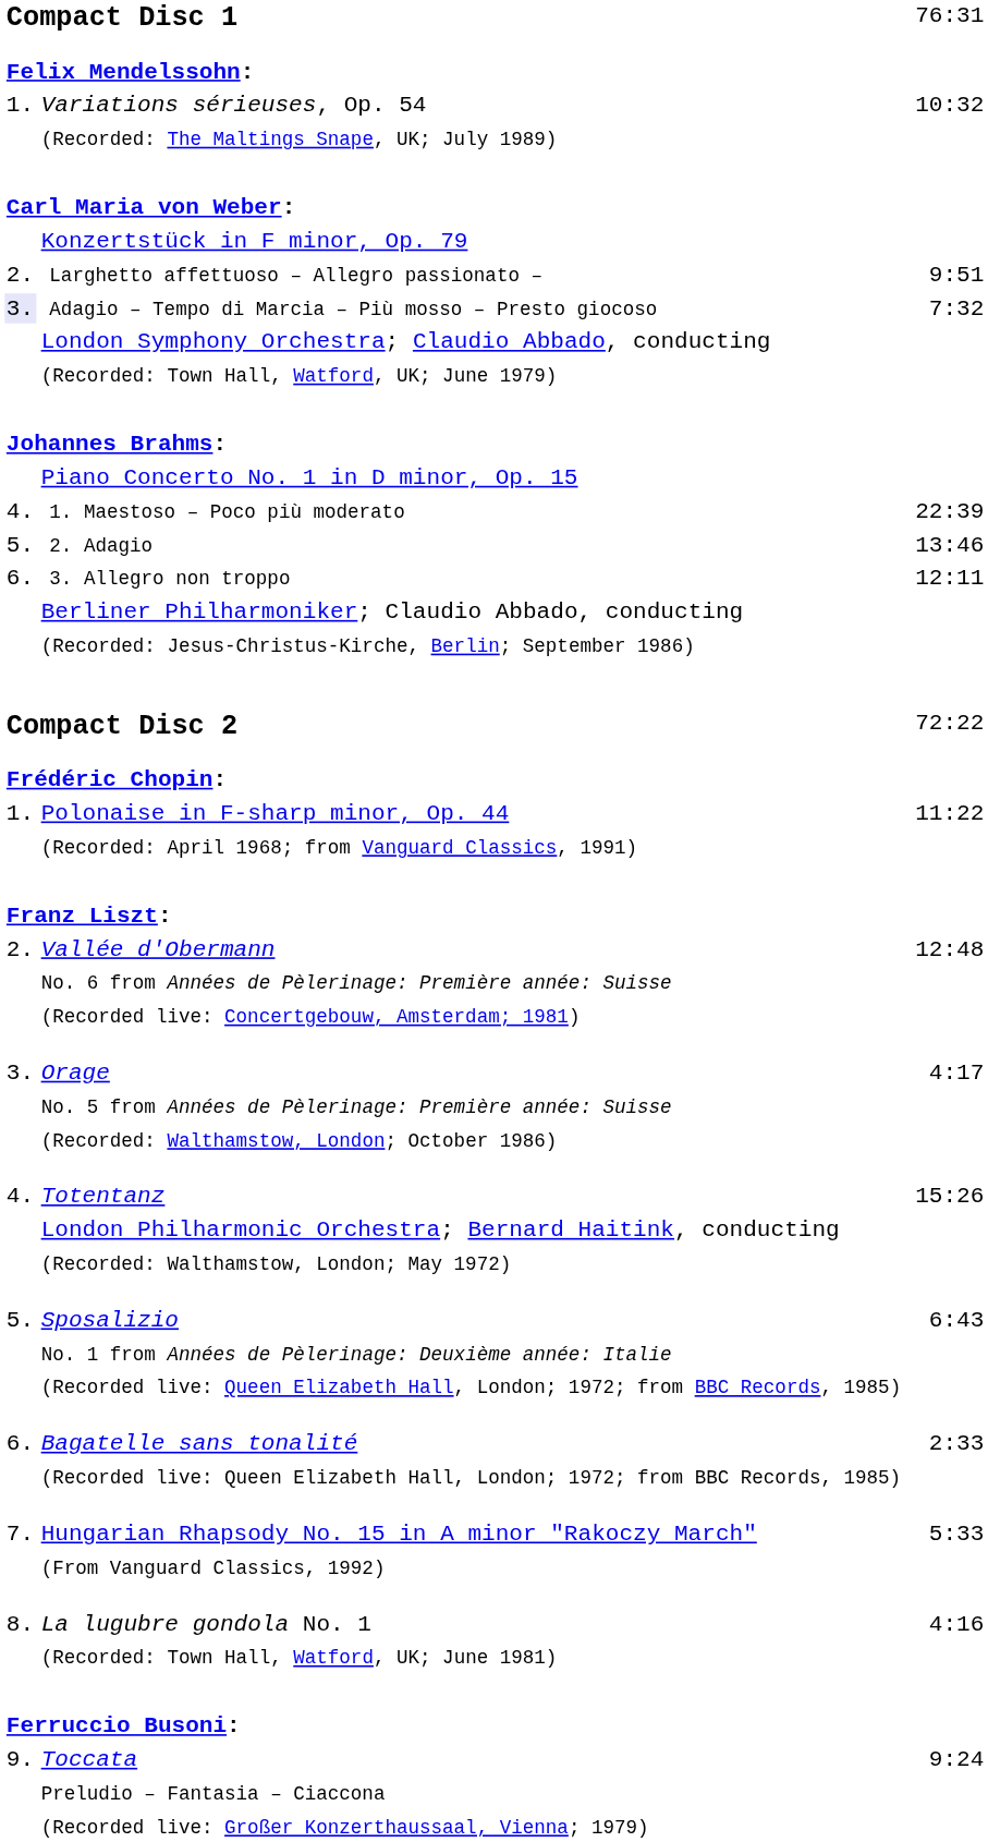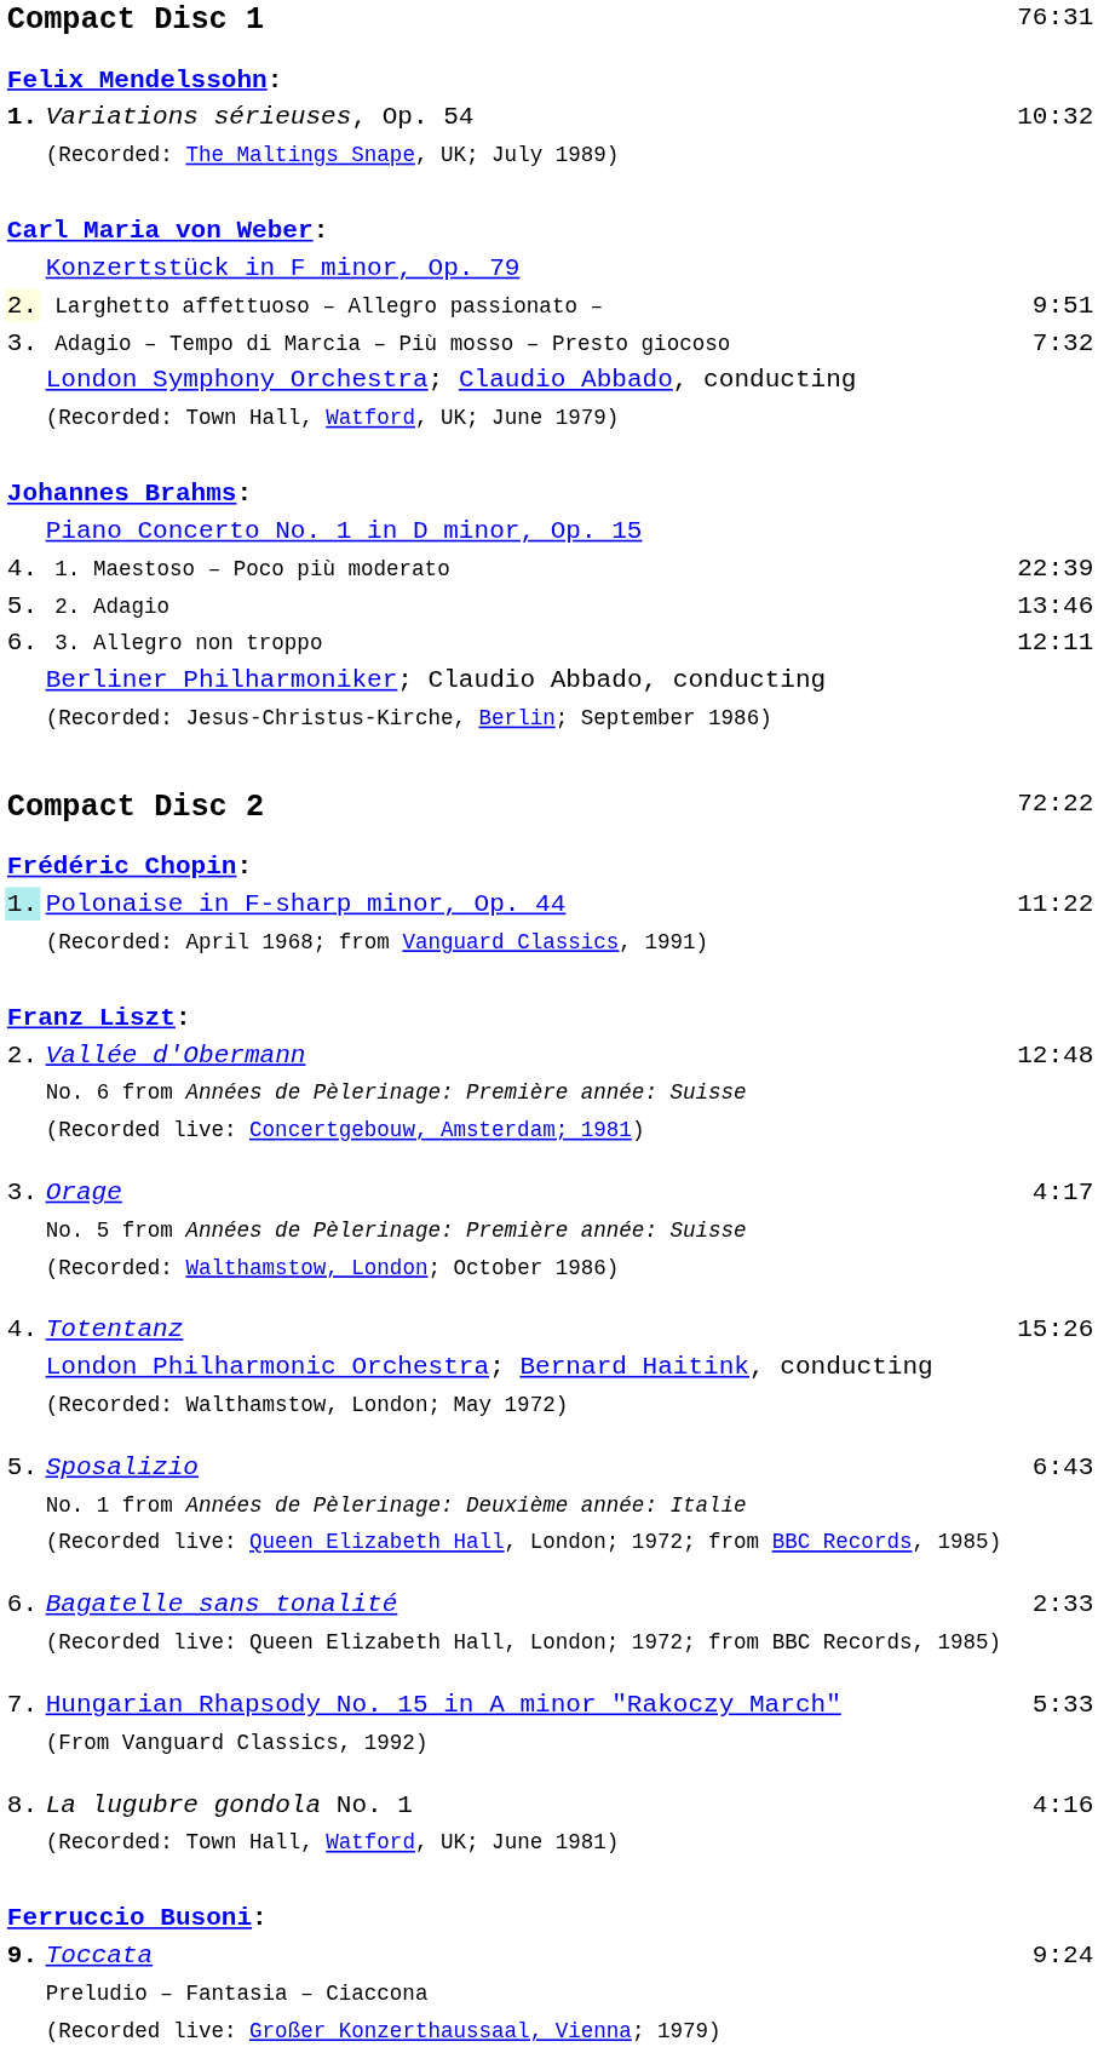 <table>
 <tr>
 <td style="height:28px" valign="top" colspan="3"><big><strong>Compact Disc 1</strong></big></td>
 <td></td>
 <td valign="top" align="right">76:31</td>
 </tr>
 <tr>
 <td colspan="3"><strong><a href='#'>Felix Mendelssohn</a>:</strong></td>
 </tr>
 <tr>
-<td align="right">1.</td>
+<td align="right"><strong>1.</strong></td>
 <td colspan="2"><em>Variations sérieuses</em>, Op. 54</td>
 <td></td>
 <td align="right">10:32</td>
 </tr>
 <tr>
 <td style="height:35px"></td>
 <td colspan="2" valign="top"><small>(Recorded: <a href='#'>The Maltings Snape</a>, UK; July 1989)</small></td>
 </tr>
 <tr>
 <td colspan="3"><strong><a href='#'>Carl Maria von Weber</a>:</strong></td>
 </tr>
 <tr>
 <td></td>
 <td colspan="2"><a href='#'>Konzertstück in F minor, Op. 79</a></td>
 </tr>
 <tr>
-<td align="right">2.</td>
+<td align="right" style="background: lightyellow;">2.</td>
 <td></td>
 <td><small>Larghetto affettuoso – Allegro passionato –</small></td>
 <td></td>
 <td align="right">9:51</td>
 </tr>
 <tr>
-<td align="right" style="background: lavender;">3.</td>
+<td align="right">3.</td>
 <td></td>
 <td><small>Adagio – Tempo di Marcia – Più mosso – Presto giocoso</small></td>
 <td></td>
 <td align="right">7:32</td>
 </tr>
 <tr>
 <td></td>
 <td colspan="2"><a href='#'>London Symphony Orchestra</a>; <a href='#'>Claudio Abbado</a>, conducting</td>
 </tr>
 <tr>
 <td style="height:35px"></td>
 <td colspan="2" valign="top"><small>(Recorded: Town Hall, <a href='#'>Watford</a>, UK; June 1979)</small></td>
 </tr>
 <tr>
 <td colspan="3"><strong><a href='#'>Johannes Brahms</a>:</strong></td>
 </tr>
 <tr>
 <td></td>
 <td colspan="2"><a href='#'>Piano Concerto No. 1 in D minor, Op. 15</a></td>
 </tr>
 <tr>
 <td align="right">4.</td>
 <td></td>
 <td><small>1. Maestoso – Poco più moderato</small></td>
 <td></td>
 <td align="right">22:39</td>
 </tr>
 <tr>
 <td align="right">5.</td>
 <td></td>
 <td><small>2. Adagio</small></td>
 <td></td>
 <td align="right">13:46</td>
 </tr>
 <tr>
 <td align="right">6.</td>
 <td></td>
 <td><small>3. Allegro non troppo</small></td>
 <td></td>
 <td align="right">12:11</td>
 </tr>
 <tr>
 <td></td>
 <td colspan="2"><a href='#'>Berliner Philharmoniker</a>; Claudio Abbado, conducting</td>
 </tr>
 <tr>
 <td style="height:40px"></td>
 <td colspan="2" valign="top"><small>(Recorded: Jesus-Christus-Kirche, <a href='#'>Berlin</a>; September 1986)</small></td>
 </tr>
 <tr>
 <td style="height:28px" valign="top" colspan="3"><big><strong>Compact Disc 2</strong></big></td>
 <td></td>
 <td align="right" valign="top">72:22</td>
 </tr>
 <tr>
 <td colspan="3"><strong><a href='#'>Frédéric Chopin</a>:</strong></td>
 </tr>
 <tr>
-<td align="right">1.</td>
+<td align="right" style="background: paleturquoise;">1.</td>
 <td colspan="2"><a href='#'>Polonaise in F-sharp minor, Op. 44</a></td>
 <td></td>
 <td align="right">11:22</td>
 </tr>
 <tr>
 <td style="height:35px"></td>
 <td colspan="2" valign="top"><small>(Recorded: April 1968; from <a href='#'>Vanguard Classics</a>, 1991)</small></td>
 </tr>
 <tr>
 <td colspan="3"><strong><a href='#'>Franz Liszt</a>:</strong></td>
 </tr>
 <tr>
 <td align="right">2.</td>
 <td colspan="2"><em><a href='#'>Vallée d'Obermann</a></em></td>
 <td></td>
 <td align="right">12:48</td>
 </tr>
 <tr>
 <td></td>
 <td colspan="2"><small>No. 6 from <em>Années de Pèlerinage: Première année: Suisse</em></small></td>
 </tr>
 <tr>
 <td style="height:28px"></td>
 <td colspan="2" valign="top"><small>(Recorded live: <a href='#'>Concertgebouw, Amsterdam; 1981</a>)</small></td>
 </tr>
 <tr>
 <td align="right">3.</td>
 <td colspan="2"><a href='#'><em>Orage</em></a></td>
 <td></td>
 <td align="right">4:17</td>
 </tr>
 <tr>
 <td></td>
 <td colspan="2"><small>No. 5 from <em>Années de Pèlerinage: Première année: Suisse</em></small></td>
 </tr>
 <tr>
 <td style="height:28px"></td>
 <td colspan="2" valign="top"><small>(Recorded: <a href='#'>Walthamstow, London</a>; October 1986)</small></td>
 </tr>
 <tr>
 <td align="right">4.</td>
 <td colspan="2"><a href='#'><em>Totentanz</em></a></td>
 <td></td>
 <td align="right">15:26</td>
 </tr>
 <tr>
 <td></td>
 <td colspan="2"><a href='#'>London Philharmonic Orchestra</a>; <a href='#'>Bernard Haitink</a>, conducting</td>
 </tr>
 <tr>
 <td style="height:28px"></td>
 <td colspan="2" valign="top"><small>(Recorded: Walthamstow, London; May 1972)</small></td>
 </tr>
 <tr>
 <td align="right">5.</td>
 <td colspan="2"><em><a href='#'>Sposalizio</a></em></td>
 <td></td>
 <td align="right">6:43</td>
 </tr>
 <tr>
 <td></td>
 <td colspan="2"><small>No. 1 from <em>Années de Pèlerinage: Deuxième année: Italie</em></small></td>
 </tr>
 <tr>
 <td style="height:28px"></td>
 <td colspan="2" valign="top"><small>(Recorded live: <a href='#'>Queen Elizabeth Hall</a>, London; 1972; from <a href='#'>BBC Records</a>, 1985)</small></td>
 </tr>
 <tr>
 <td align="right">6.</td>
 <td colspan="2"><em><a href='#'>Bagatelle sans tonalité</a></em></td>
 <td></td>
 <td align="right">2:33</td>
 </tr>
 <tr>
 <td style="height:28px"></td>
 <td colspan="2" valign="top"><small>(Recorded live: Queen Elizabeth Hall, London; 1972; from BBC Records, 1985)</small></td>
 </tr>
 <tr>
 <td align="right">7.</td>
 <td colspan="2"><a href='#'>Hungarian Rhapsody No. 15 in A minor "Rakoczy March"</a></td>
 <td></td>
 <td align="right">5:33</td>
 </tr>
 <tr>
 <td style="height:28px"></td>
 <td colspan="2" valign="top"><small>(From Vanguard Classics, 1992)</small></td>
 </tr>
 <tr>
 <td align="right">8.</td>
 <td colspan="2"><em>La lugubre gondola</em> No. 1</td>
 <td></td>
 <td align="right">4:16</td>
 </tr>
 <tr>
 <td style="height:35px"></td>
 <td colspan="2" valign="top"><small>(Recorded: Town Hall, <a href='#'>Watford</a>, UK; June 1981)</small></td>
 </tr>
 <tr>
 <td colspan="3"><strong><a href='#'>Ferruccio Busoni</a>:</strong></td>
 </tr>
 <tr>
-<td align="right">9.</td>
+<td align="right"><strong>9.</strong></td>
 <td colspan="2"><em><a href='#'>Toccata</a></em></td>
 <td></td>
 <td align="right">9:24</td>
 </tr>
 <tr>
 <td></td>
 <td colspan="2"><small>Preludio – Fantasia – Ciaccona</small></td>
 </tr>
 <tr>
 <td style="height:40px"></td>
 <td colspan="2" valign="top"><small>(Recorded live: <a href='#'>Großer Konzerthaussaal, Vienna</a>; 1979)</small></td>
 </tr>
 </table>
